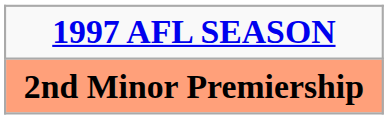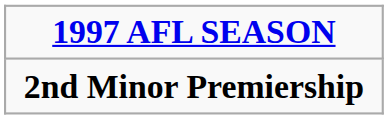 <table class="wikitable"  style="width:180px; text-align:center; float:left; margin-right:1em">
 <tr>
 <td><strong><a href='#'>1997 AFL SEASON</a></strong></td>
 </tr>
 <tr>
-<td style="background: lightsalmon;"><strong>2nd Minor Premiership</strong></td>
+<td><strong>2nd Minor Premiership</strong></td>
 </tr>
 </table>
